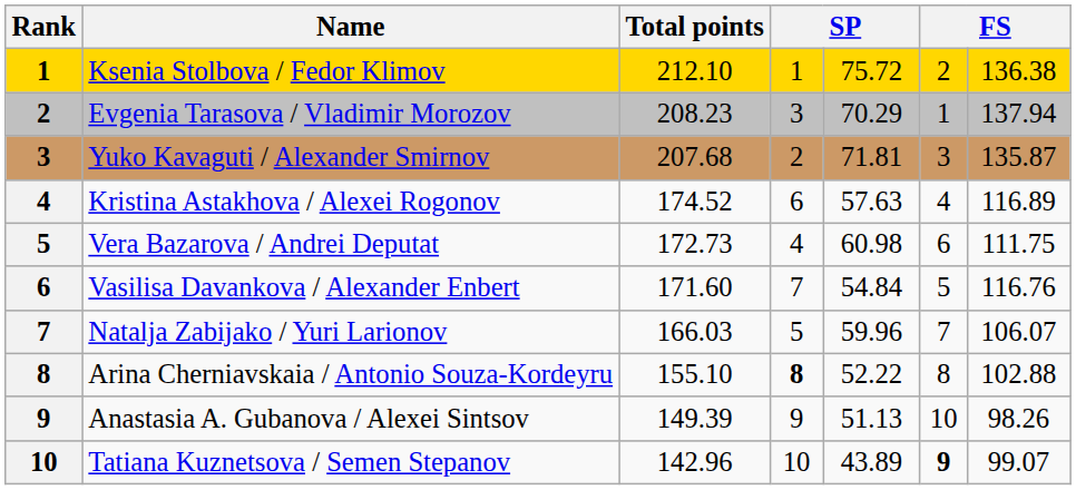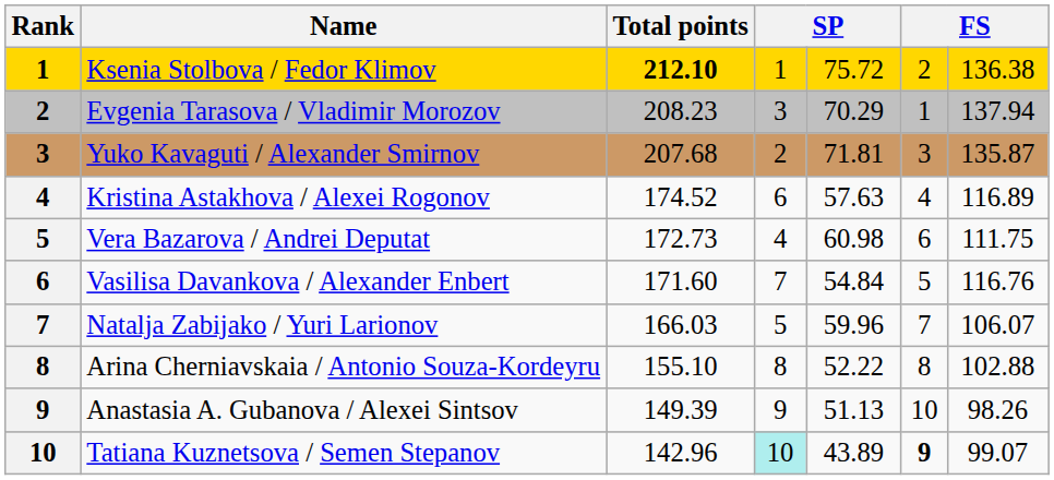 <table class="wikitable sortable">
 <tr>
 <th>Rank</th>
 <th>Name</th>
 <th>Total points</th>
 <th colspan="2" width="80px"><a href='#'>SP</a></th>
 <th colspan="2" width="80px"><a href='#'>FS</a></th>
 </tr>
 <tr bgcolor="gold">
 <td align="center"><strong>1</strong></td>
 <td><a href='#'>Ksenia Stolbova</a> / <a href='#'>Fedor Klimov</a></td>
-<td align="center">212.10</td>
+<td align="center"><strong>212.10</strong></td>
 <td align="center">1</td>
 <td align="center">75.72</td>
 <td align="center">2</td>
 <td align="center">136.38</td>
 </tr>
 <tr bgcolor="silver">
 <td align="center"><strong>2</strong></td>
 <td><a href='#'>Evgenia Tarasova</a> / <a href='#'>Vladimir Morozov</a></td>
 <td align="center">208.23</td>
 <td align="center">3</td>
 <td align="center">70.29</td>
 <td align="center">1</td>
 <td align="center">137.94</td>
 </tr>
 <tr bgcolor="cc9966">
 <td align="center"><strong>3</strong></td>
 <td><a href='#'>Yuko Kavaguti</a> / <a href='#'>Alexander Smirnov</a></td>
 <td align="center">207.68</td>
 <td align="center">2</td>
 <td align="center">71.81</td>
 <td align="center">3</td>
 <td align="center">135.87</td>
 </tr>
 <tr>
 <th>4</th>
 <td><a href='#'>Kristina Astakhova</a> / <a href='#'>Alexei Rogonov</a></td>
 <td align="center">174.52</td>
 <td align="center">6</td>
 <td align="center">57.63</td>
 <td align="center">4</td>
 <td align="center">116.89</td>
 </tr>
 <tr>
 <th>5</th>
 <td><a href='#'>Vera Bazarova</a> / <a href='#'>Andrei Deputat</a></td>
 <td align="center">172.73</td>
 <td align="center">4</td>
 <td align="center">60.98</td>
 <td align="center">6</td>
 <td align="center">111.75</td>
 </tr>
 <tr>
 <th>6</th>
 <td><a href='#'>Vasilisa Davankova</a> / <a href='#'>Alexander Enbert</a></td>
 <td align="center">171.60</td>
 <td align="center">7</td>
 <td align="center">54.84</td>
 <td align="center">5</td>
 <td align="center">116.76</td>
 </tr>
 <tr>
 <th>7</th>
 <td><a href='#'>Natalja Zabijako</a> / <a href='#'>Yuri Larionov</a></td>
 <td align="center">166.03</td>
 <td align="center">5</td>
 <td align="center">59.96</td>
 <td align="center">7</td>
 <td align="center">106.07</td>
 </tr>
 <tr>
 <th>8</th>
 <td>Arina Cherniavskaia / <a href='#'>Antonio Souza-Kordeyru</a></td>
 <td align="center">155.10</td>
-<td align="center"><strong>8</strong></td>
+<td align="center">8</td>
 <td align="center">52.22</td>
 <td align="center">8</td>
 <td align="center">102.88</td>
 </tr>
 <tr>
 <th>9</th>
 <td>Anastasia A. Gubanova / Alexei Sintsov</td>
 <td align="center">149.39</td>
 <td align="center">9</td>
 <td align="center">51.13</td>
 <td align="center">10</td>
 <td align="center">98.26</td>
 </tr>
 <tr>
 <th>10</th>
 <td><a href='#'>Tatiana Kuznetsova</a> / <a href='#'>Semen Stepanov</a></td>
 <td align="center">142.96</td>
-<td align="center">10</td>
+<td align="center" style="background: paleturquoise;">10</td>
 <td align="center">43.89</td>
 <td align="center"><strong>9</strong></td>
 <td align="center">99.07</td>
 </tr>
 </table>
